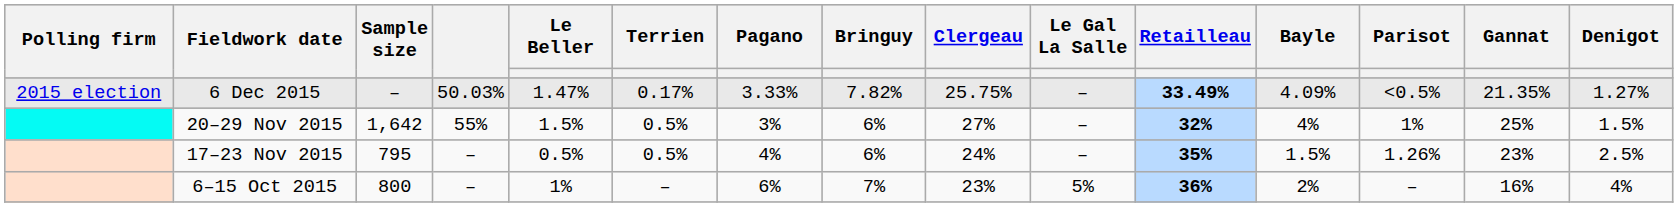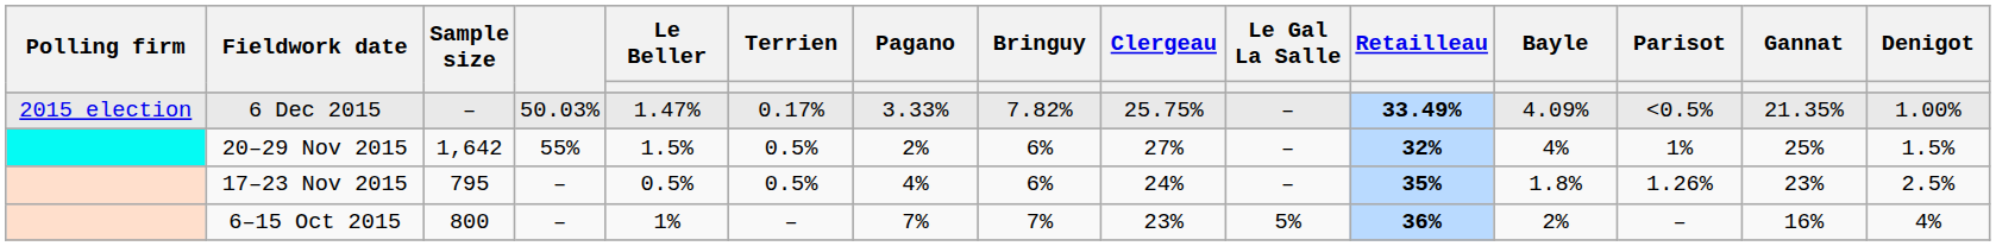 <table class="wikitable sortable" style="text-align:center;font-size:90%;line-height:14px;">
 <tr style="height:40px;">
 <th style="width:100px;" rowspan="2">Polling firm</th>
 <th style="width:110px;" rowspan="2">Fieldwork date</th>
 <th style="width:35px;" rowspan="2">Sample<br>size</th>
 <th style="width:30px;" rowspan="2"></th>
 <th class="unsortable" style="width:60px;">Le Beller<br></th>
 <th class="unsortable" style="width:60px;">Terrien<br></th>
 <th class="unsortable" style="width:60px;">Pagano<br></th>
 <th class="unsortable" style="width:60px;">Bringuy<br></th>
 <th class="unsortable" style="width:60px;"><a href='#'>Clergeau</a><br></th>
 <th class="unsortable" style="width:60px;">Le Gal La Salle<br></th>
 <th class="unsortable" style="width:60px;"><a href='#'>Retailleau</a><br></th>
 <th class="unsortable" style="width:60px;">Bayle<br></th>
 <th class="unsortable" style="width:60px;">Parisot<br></th>
 <th class="unsortable" style="width:60px;">Gannat<br></th>
 <th class="unsortable" style="width:60px;">Denigot<br></th>
 </tr>
 <tr>
 <th style="background:"></th>
 <th style="background:"></th>
 <th style="background:"></th>
 <th style="background:"></th>
 <th style="background:"></th>
 <th style="background:"></th>
 <th style="background:"></th>
 <th style="background:"></th>
 <th style="background:"></th>
 <th style="background:"></th>
 <th style="background:"></th>
 </tr>
 <tr style="background:#E9E9E9;">
 <td><a href='#'>2015 election</a></td>
 <td data-sort-value="2015-12-06">6 Dec 2015</td>
 <td>–</td>
 <td>50.03%</td>
 <td>1.47%</td>
 <td>0.17%</td>
 <td>3.33%</td>
 <td>7.82%</td>
 <td>25.75%</td>
 <td>–</td>
 <td style="background:#B9DAFF;"><strong>33.49%</strong></td>
 <td>4.09%</td>
 <td data-sort-value="0%"><0.5%</td>
 <td>21.35%</td>
-<td>1.27%</td>
+<td>1.00%</td>
 </tr>
 <tr>
 <td style="background:#04FBF4;"></td>
 <td data-sort-value="2015-11-29">20–29 Nov 2015</td>
 <td>1,642</td>
 <td>55%</td>
 <td>1.5%</td>
 <td>0.5%</td>
-<td>3%</td>
+<td>2%</td>
 <td>6%</td>
 <td>27%</td>
 <td>–</td>
 <td style="background:#B9DAFF;"><strong>32%</strong></td>
 <td>4%</td>
 <td>1%</td>
 <td>25%</td>
 <td>1.5%</td>
 </tr>
 <tr>
 <td style="background:#FFDFCC;"></td>
 <td data-sort-value="2015-11-23">17–23 Nov 2015</td>
 <td>795</td>
 <td>–</td>
 <td>0.5%</td>
 <td>0.5%</td>
 <td>4%</td>
 <td>6%</td>
 <td>24%</td>
 <td>–</td>
 <td style="background:#B9DAFF;"><strong>35%</strong></td>
-<td>1.5%</td>
+<td>1.8%</td>
 <td>1.26%</td>
 <td>23%</td>
 <td>2.5%</td>
 </tr>
 <tr>
 <td style="background:#FFDFCC;"></td>
 <td data-sort-value="2015-10-15">6–15 Oct 2015</td>
 <td>800</td>
 <td>–</td>
 <td>1%</td>
 <td>–</td>
-<td>6%</td>
+<td>7%</td>
 <td>7%</td>
 <td>23%</td>
 <td>5%</td>
 <td style="background:#B9DAFF;"><strong>36%</strong></td>
 <td>2%</td>
 <td>–</td>
 <td>16%</td>
 <td>4%</td>
 </tr>
 </table>
